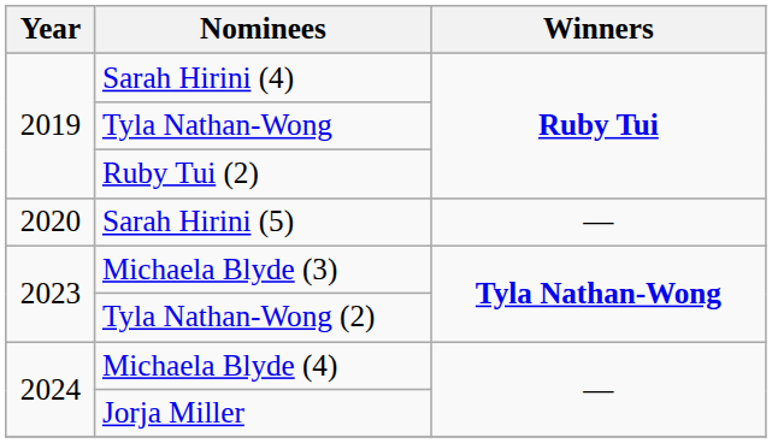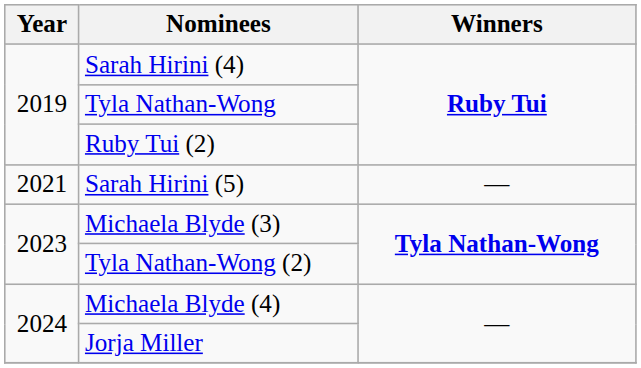 <table class="wikitable">
 <tr>
 <th width=40>Year</th>
 <th width=170>Nominees</th>
 <th width=170>Winners</th>
 </tr>
 <tr>
 <td align=center rowspan=3>2019</td>
 <td><a href='#'>Sarah Hirini</a> (4)</td>
 <td align=center rowspan=3><strong><a href='#'>Ruby Tui</a></strong></td>
 </tr>
 <tr>
 <td><a href='#'>Tyla Nathan-Wong</a></td>
 </tr>
 <tr>
 <td><a href='#'>Ruby Tui</a> (2)</td>
 </tr>
 <tr>
-<td align=center>2020</td>
+<td align=center>2021</td>
 <td><a href='#'>Sarah Hirini</a> (5)</td>
 <td align=center>—</td>
 </tr>
 <tr>
 <td align=center rowspan=2>2023</td>
 <td><a href='#'>Michaela Blyde</a> (3)</td>
 <td align=center rowspan=2><strong><a href='#'>Tyla Nathan-Wong</a></strong></td>
 </tr>
 <tr>
 <td><a href='#'>Tyla Nathan-Wong</a> (2)</td>
 </tr>
 <tr>
 <td align=center rowspan=2>2024</td>
 <td><a href='#'>Michaela Blyde</a> (4)</td>
 <td align=center rowspan=2>—</td>
 </tr>
 <tr>
 <td><a href='#'>Jorja Miller</a></td>
 </tr>
 <tr>
 </tr>
 </table>
